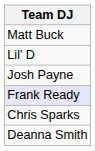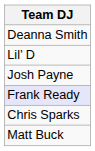 <table class="wikitable" style="display: inline-table;">
 <tr>
 <th>Team DJ</th>
 </tr>
 <tr>
-<td>Matt Buck</td>
+<td>Deanna Smith</td>
 </tr>
 <tr>
 <td>Lil’ D</td>
 </tr>
 <tr>
 <td>Josh Payne</td>
 </tr>
 <tr>
 <td style="background: lavender;">Frank Ready</td>
 </tr>
 <tr>
 <td>Chris Sparks</td>
 </tr>
 <tr>
-<td>Deanna Smith</td>
+<td>Matt Buck</td>
 </tr>
 </table>
